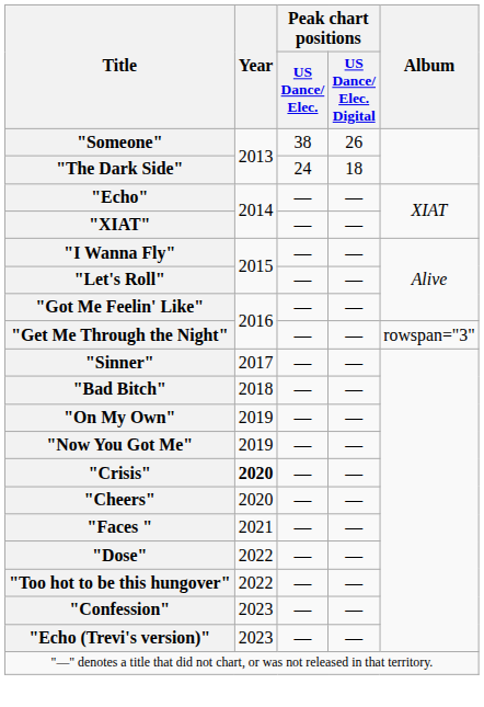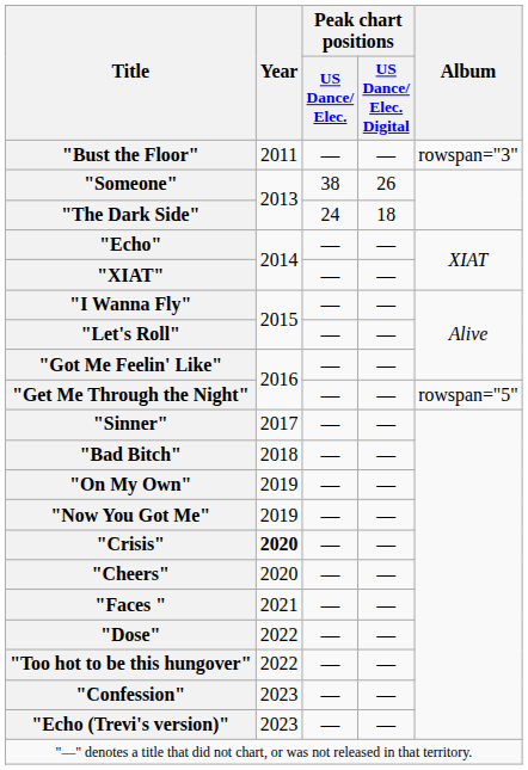 <table class="wikitable plainrowheaders" style="text-align:center;">
 <tr>
 <th scope="col" rowspan="2">Title</th>
 <th scope="col" rowspan="2">Year</th>
 <th scope="col" colspan="2">Peak chart positions</th>
 <th scope="col" rowspan="2">Album</th>
 </tr>
 <tr>
 <th scope="col" style="width:3em;font-size:85%;"><a href='#'>US<br>Dance/<br>Elec.</a><br></th>
 <th scope="col" style="width:3em;font-size:85%;"><a href='#'>US<br>Dance/<br>Elec.<br>Digital</a><br></th>
+</tr>
+<tr>
+<th scope="row">"Bust the Floor"</th>
+<td>2011</td>
+<td>—</td>
+<td>—</td>
+<td>rowspan="3" </td>
 </tr>
 <tr>
 <th scope="row">"Someone"</th>
 <td rowspan="2">2013</td>
 <td>38</td>
 <td>26</td>
 </tr>
 <tr>
 <th scope="row">"The Dark Side"</th>
 <td>24</td>
 <td>18</td>
 </tr>
 <tr>
 <th scope="row">"Echo"</th>
 <td rowspan="2">2014</td>
 <td>—</td>
 <td>—</td>
 <td rowspan="2"><em>XIAT</em></td>
 </tr>
 <tr>
 <th scope="row">"XIAT"</th>
 <td>—</td>
 <td>—</td>
 </tr>
 <tr>
 <th scope="row">"I Wanna Fly"</th>
 <td rowspan="2">2015</td>
 <td>—</td>
 <td>—</td>
 <td rowspan="3"><em>Alive</em></td>
 </tr>
 <tr>
 <th scope="row">"Let's Roll"</th>
 <td>—</td>
 <td>—</td>
 </tr>
 <tr>
 <th scope="row">"Got Me Feelin' Like"</th>
 <td rowspan="2">2016</td>
 <td>—</td>
 <td>—</td>
 </tr>
 <tr>
 <th scope="row">"Get Me Through the Night"</th>
 <td>—</td>
 <td>—</td>
-<td>rowspan="3" </td>
+<td>rowspan="5"  </td>
 </tr>
 <tr>
 <th scope="row">"Sinner"</th>
 <td>2017</td>
 <td>—</td>
 <td>—</td>
 </tr>
 <tr>
 <th scope="row">"Bad Bitch"</th>
 <td>2018</td>
 <td>—</td>
 <td>—</td>
 </tr>
 <tr>
 <th scope="row">"On My Own"</th>
 <td>2019</td>
 <td>—</td>
 <td>—</td>
 </tr>
 <tr>
 <th scope="row">"Now You Got Me"</th>
 <td>2019</td>
 <td>—</td>
 <td>—</td>
 </tr>
 <tr>
 <th scope="row">"Crisis"</th>
 <td><strong>2020</strong></td>
 <td>—</td>
 <td>—</td>
 </tr>
 <tr>
 <th scope="row">"Cheers"</th>
 <td>2020</td>
 <td>—</td>
 <td>—</td>
 </tr>
 <tr>
 <th scope="row">"Faces "</th>
 <td>2021</td>
 <td>—</td>
 <td>—</td>
 </tr>
 <tr>
 <th scope="row">"Dose"</th>
 <td>2022</td>
 <td>—</td>
 <td>—</td>
 </tr>
 <tr>
 <th scope="row">"Too hot to be this hungover"</th>
 <td>2022</td>
 <td>—</td>
 <td>—</td>
 </tr>
 <tr>
 <th scope="row">"Confession"</th>
 <td>2023</td>
 <td>—</td>
 <td>—</td>
 </tr>
 <tr>
 <th scope="row">"Echo (Trevi's version)"</th>
 <td>2023</td>
 <td>—</td>
 <td>—</td>
 </tr>
 <tr>
 <td colspan="5" style="font-size:9pt">"—" denotes a title that did not chart, or was not released in that territory.</td>
 </tr>
 </table>
